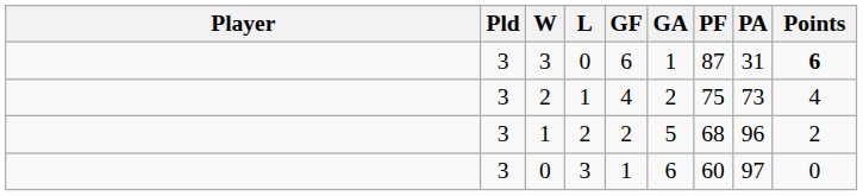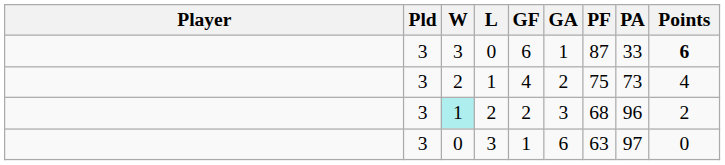 <table class=wikitable style="text-align:center">
 <tr>
 <th width=320>Player</th>
 <th width=20>Pld</th>
 <th width=20>W</th>
 <th width=20>L</th>
 <th width=20>GF</th>
 <th width=20>GA</th>
 <th width=20>PF</th>
 <th width=20>PA</th>
 <th width=50>Points</th>
 </tr>
 <tr>
 <td align=left></td>
 <td>3</td>
 <td>3</td>
 <td>0</td>
 <td>6</td>
 <td>1</td>
 <td>87</td>
-<td>31</td>
+<td>33</td>
 <td><strong>6</strong></td>
 </tr>
 <tr>
 <td align=left></td>
 <td>3</td>
 <td>2</td>
 <td>1</td>
 <td>4</td>
 <td>2</td>
 <td>75</td>
 <td>73</td>
 <td>4</td>
 </tr>
 <tr>
 <td align=left></td>
 <td>3</td>
-<td>1</td>
+<td style="background: paleturquoise;">1</td>
 <td>2</td>
 <td>2</td>
-<td>5</td>
+<td>3</td>
 <td>68</td>
 <td>96</td>
 <td>2</td>
 </tr>
 <tr>
 <td align=left></td>
 <td>3</td>
 <td>0</td>
 <td>3</td>
 <td>1</td>
 <td>6</td>
-<td>60</td>
+<td>63</td>
 <td>97</td>
 <td>0</td>
 </tr>
 </table>
